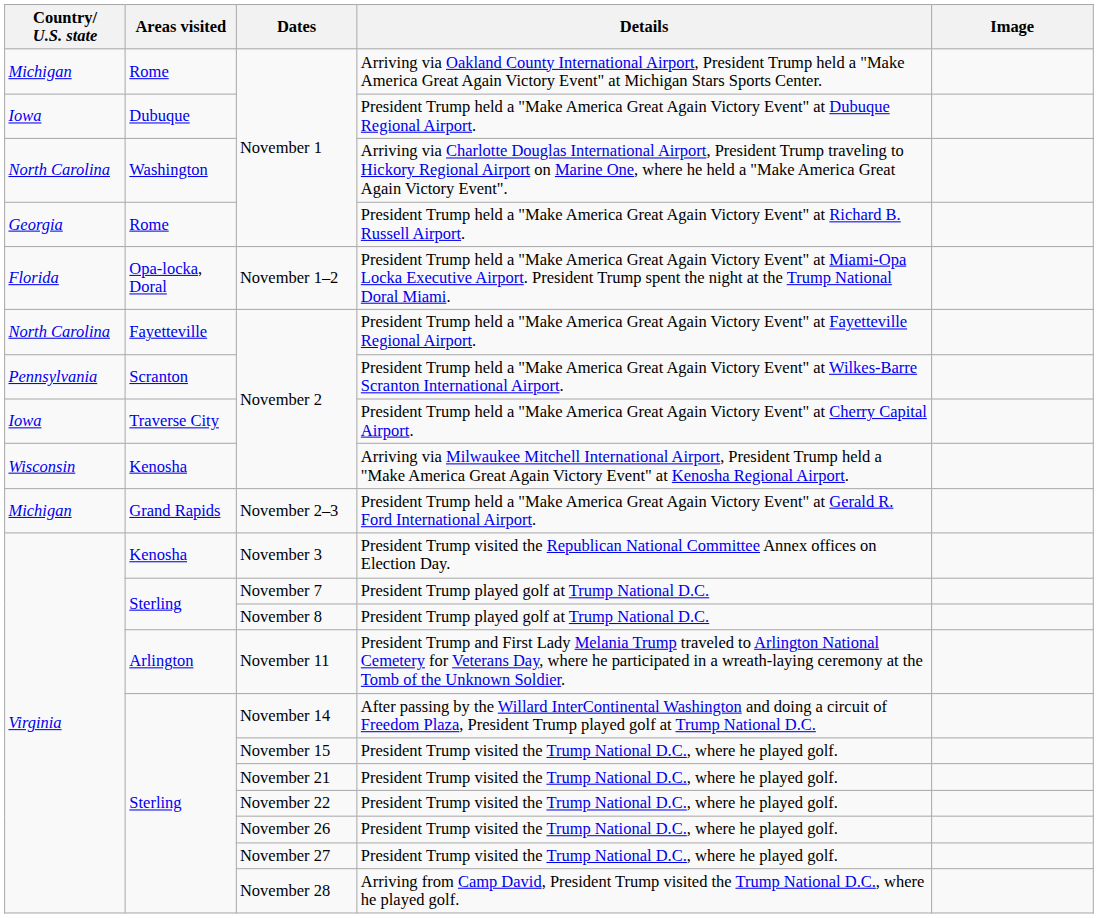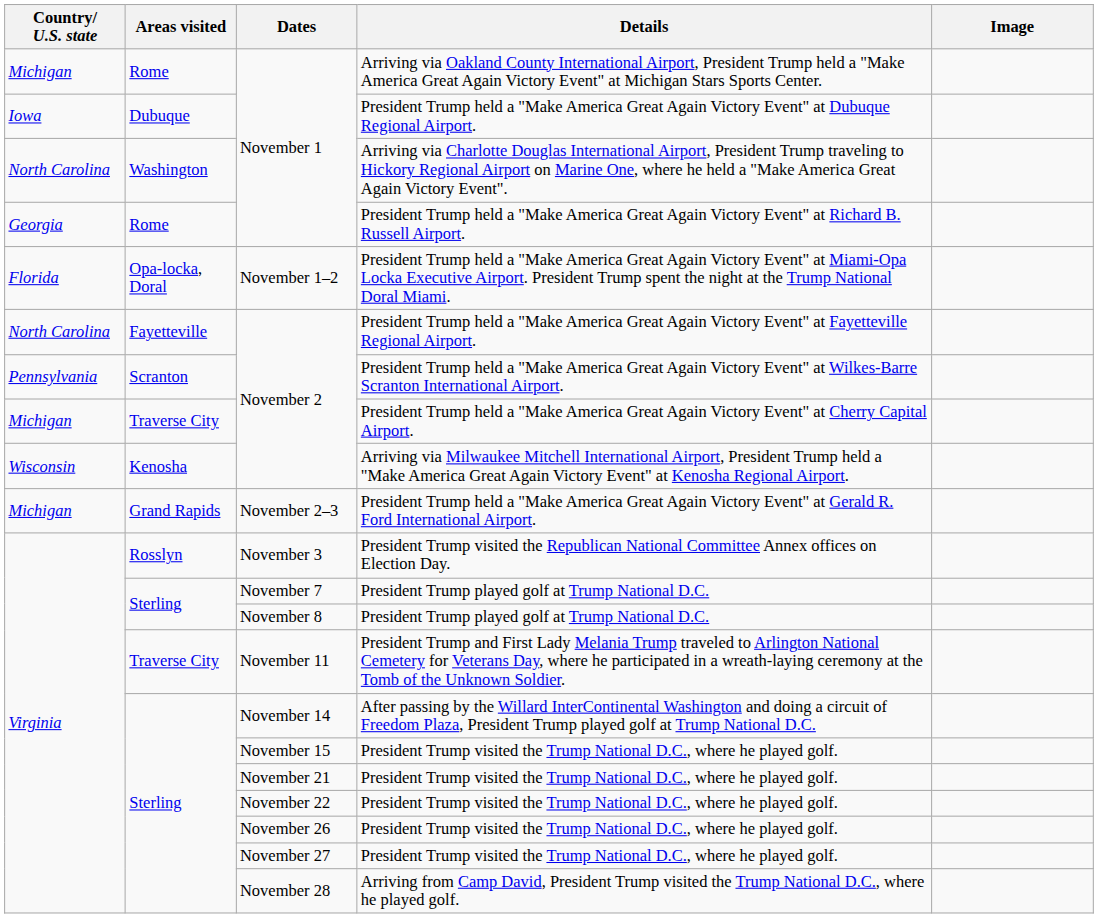 <table class="wikitable" style="margin: 1em auto 1em auto">
 <tr>
 <th width="110">Country/<br><em>U.S. state</em></th>
 <th width="100">Areas visited</th>
 <th width="110">Dates</th>
 <th width="550">Details</th>
 <th width="150">Image</th>
 </tr>
 <tr>
 <td> <em><a href='#'>Michigan</a></em></td>
 <td><a href='#'>Rome</a></td>
 <td rowspan="4">November 1</td>
 <td>Arriving via <a href='#'>Oakland County International Airport</a>, President Trump held a "Make America Great Again Victory Event" at Michigan Stars Sports Center.</td>
 <td></td>
 </tr>
 <tr>
 <td> <em><a href='#'>Iowa</a></em></td>
 <td><a href='#'>Dubuque</a></td>
 <td>President Trump held a "Make America Great Again Victory Event" at <a href='#'>Dubuque Regional Airport</a>.</td>
 <td></td>
 </tr>
 <tr>
 <td> <em><a href='#'>North Carolina</a></em></td>
 <td><a href='#'>Washington</a></td>
 <td>Arriving via <a href='#'>Charlotte Douglas International Airport</a>, President Trump traveling to <a href='#'>Hickory Regional Airport</a> on <a href='#'>Marine One</a>, where he held a "Make America Great Again Victory Event".</td>
 <td></td>
 </tr>
 <tr>
 <td> <em><a href='#'>Georgia</a></em></td>
 <td><a href='#'>Rome</a></td>
 <td>President Trump held a "Make America Great Again Victory Event" at <a href='#'>Richard B. Russell Airport</a>.</td>
 <td></td>
 </tr>
 <tr>
 <td> <em><a href='#'>Florida</a></em></td>
 <td><a href='#'>Opa-locka</a>, <a href='#'>Doral</a></td>
 <td>November 1–2</td>
 <td>President Trump held a "Make America Great Again Victory Event" at <a href='#'>Miami-Opa Locka Executive Airport</a>. President Trump spent the night at the <a href='#'>Trump National Doral Miami</a>.</td>
 <td></td>
 </tr>
 <tr>
 <td> <em><a href='#'>North Carolina</a></em></td>
 <td><a href='#'>Fayetteville</a></td>
 <td rowspan=4>November 2</td>
 <td>President Trump held a "Make America Great Again Victory Event" at <a href='#'>Fayetteville Regional Airport</a>.</td>
 <td></td>
 </tr>
 <tr>
 <td> <em><a href='#'>Pennsylvania</a></em></td>
 <td><a href='#'>Scranton</a></td>
 <td>President Trump held a "Make America Great Again Victory Event" at <a href='#'>Wilkes-Barre Scranton International Airport</a>.</td>
 <td></td>
 </tr>
 <tr>
-<td> <em><a href='#'>Iowa</a></em></td>
+<td> <em><a href='#'>Michigan</a></em></td>
 <td><a href='#'>Traverse City</a></td>
 <td>President Trump held a "Make America Great Again Victory Event" at <a href='#'>Cherry Capital Airport</a>.</td>
 <td></td>
 </tr>
 <tr>
 <td> <em><a href='#'>Wisconsin</a></em></td>
 <td><a href='#'>Kenosha</a></td>
 <td>Arriving via <a href='#'>Milwaukee Mitchell International Airport</a>, President Trump held a "Make America Great Again Victory Event" at <a href='#'>Kenosha Regional Airport</a>.</td>
 <td></td>
 </tr>
 <tr>
 <td> <em><a href='#'>Michigan</a></em></td>
 <td><a href='#'>Grand Rapids</a></td>
 <td>November 2–3</td>
 <td>President Trump held a "Make America Great Again Victory Event" at <a href='#'>Gerald R. Ford International Airport</a>.</td>
 <td></td>
 </tr>
 <tr>
 <td rowspan="11"> <em><a href='#'>Virginia</a></em></td>
-<td><a href='#'>Kenosha</a></td>
+<td><a href='#'>Rosslyn</a></td>
 <td>November 3</td>
 <td>President Trump visited the <a href='#'>Republican National Committee</a> Annex offices on Election Day.</td>
 <td></td>
 </tr>
 <tr>
 <td rowspan=2><a href='#'>Sterling</a></td>
 <td>November 7</td>
 <td>President Trump played golf at <a href='#'>Trump National D.C.</a></td>
 <td></td>
 </tr>
 <tr>
 <td>November 8</td>
 <td>President Trump played golf at <a href='#'>Trump National D.C.</a></td>
 <td></td>
 </tr>
 <tr>
-<td><a href='#'>Arlington</a></td>
+<td><a href='#'>Traverse City</a></td>
 <td>November 11</td>
 <td>President Trump and First Lady <a href='#'>Melania Trump</a> traveled to <a href='#'>Arlington National Cemetery</a> for <a href='#'>Veterans Day</a>, where he participated in a wreath-laying ceremony at the <a href='#'>Tomb of the Unknown Soldier</a>.</td>
 <td></td>
 </tr>
 <tr>
 <td rowspan="7"><a href='#'>Sterling</a></td>
 <td>November 14</td>
 <td>After passing by the <a href='#'>Willard InterContinental Washington</a> and doing a circuit of <a href='#'>Freedom Plaza</a>, President Trump played golf at <a href='#'>Trump National D.C.</a></td>
 <td></td>
 </tr>
 <tr>
 <td>November 15</td>
 <td>President Trump visited the <a href='#'>Trump National D.C.</a>, where he played golf.</td>
 <td></td>
 </tr>
 <tr>
 <td>November 21</td>
 <td>President Trump visited the <a href='#'>Trump National D.C.</a>, where he played golf.</td>
 <td></td>
 </tr>
 <tr>
 <td>November 22</td>
 <td>President Trump visited the <a href='#'>Trump National D.C.</a>, where he played golf.</td>
 <td></td>
 </tr>
 <tr>
 <td>November 26</td>
 <td>President Trump visited the <a href='#'>Trump National D.C.</a>, where he played golf.</td>
 <td></td>
 </tr>
 <tr>
 <td>November 27</td>
 <td>President Trump visited the <a href='#'>Trump National D.C.</a>, where he played golf.</td>
 <td></td>
 </tr>
 <tr>
 <td>November 28</td>
 <td>Arriving from <a href='#'>Camp David</a>, President Trump visited the <a href='#'>Trump National D.C.</a>, where he played golf.</td>
 <td></td>
 </tr>
 </table>
